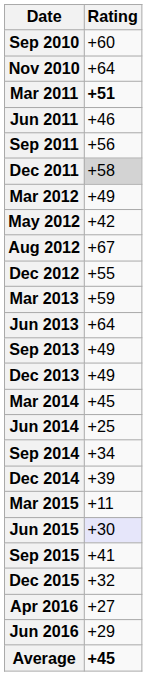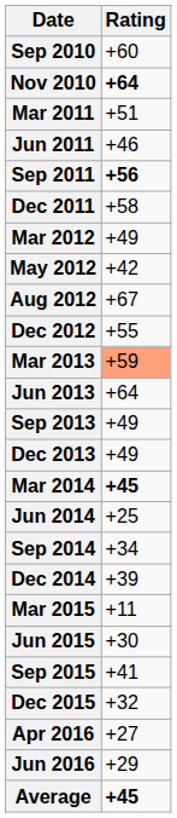 <table class="wikitable sortable plainrowheaders">
 <tr>
 <th scope="col" class="unsortable">Date</th>
 <th scope="col">Rating</th>
 </tr>
 <tr>
 <th scope="row">Sep 2010</th>
 <td>+60</td>
 </tr>
 <tr>
 <th scope="row">Nov 2010</th>
-<td>+64</td>
+<td><strong>+64</strong></td>
 </tr>
 <tr>
 <th scope="row">Mar 2011</th>
-<td><strong>+51</strong></td>
+<td>+51</td>
 </tr>
 <tr>
 <th scope="row">Jun 2011</th>
 <td>+46</td>
 </tr>
 <tr>
 <th scope="row">Sep 2011</th>
-<td>+56</td>
+<td><strong>+56</strong></td>
 </tr>
 <tr>
 <th scope="row">Dec 2011</th>
-<td style="background: lightgrey;">+58</td>
+<td>+58</td>
 </tr>
 <tr>
 <th scope="row">Mar 2012</th>
 <td>+49</td>
 </tr>
 <tr>
 <th scope="row">May 2012</th>
 <td>+42</td>
 </tr>
 <tr>
 <th scope="row">Aug 2012</th>
 <td>+67</td>
 </tr>
 <tr>
 <th scope="row">Dec 2012</th>
 <td>+55</td>
 </tr>
 <tr>
 <th scope="row">Mar 2013</th>
-<td>+59</td>
+<td style="background: lightsalmon;">+59</td>
 </tr>
 <tr>
 <th scope="row">Jun 2013</th>
 <td>+64</td>
 </tr>
 <tr>
 <th scope="row">Sep 2013</th>
 <td>+49</td>
 </tr>
 <tr>
 <th scope="row">Dec 2013</th>
 <td>+49</td>
 </tr>
 <tr>
 <th scope="row">Mar 2014</th>
-<td>+45</td>
+<td><strong>+45</strong></td>
 </tr>
 <tr>
 <th scope="row">Jun 2014</th>
 <td>+25</td>
 </tr>
 <tr>
 <th scope="row">Sep 2014</th>
 <td>+34</td>
 </tr>
 <tr>
 <th scope="row">Dec 2014</th>
 <td>+39</td>
 </tr>
 <tr>
 <th scope="row">Mar 2015</th>
 <td>+11</td>
 </tr>
 <tr>
 <th scope="row">Jun 2015</th>
-<td style="background: lavender;">+30</td>
+<td>+30</td>
 </tr>
 <tr>
 <th scope="row">Sep 2015</th>
 <td>+41</td>
 </tr>
 <tr>
 <th scope="row">Dec 2015</th>
 <td>+32</td>
 </tr>
 <tr>
 <th scope="row">Apr 2016</th>
 <td>+27</td>
 </tr>
 <tr>
 <th scope="row">Jun 2016</th>
 <td>+29</td>
 </tr>
 <tr class="sortbottom">
 <th scope="row"><strong>Average</strong></th>
 <td><strong>+45</strong></td>
 </tr>
 </table>
